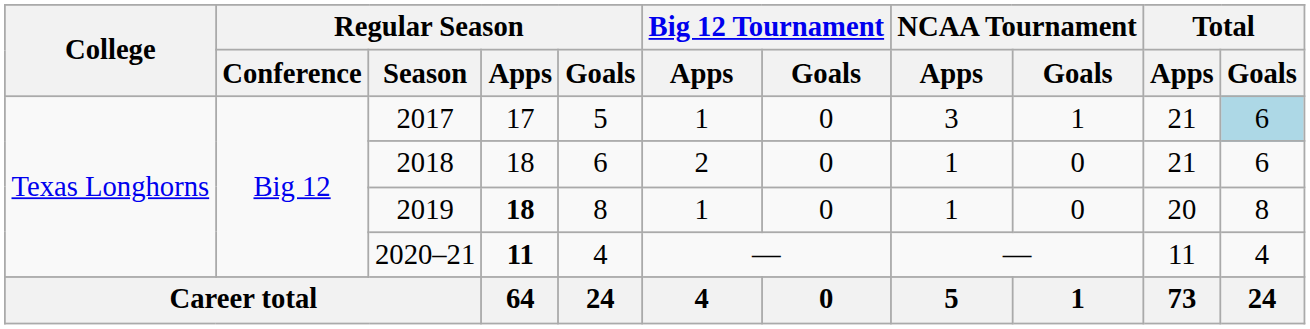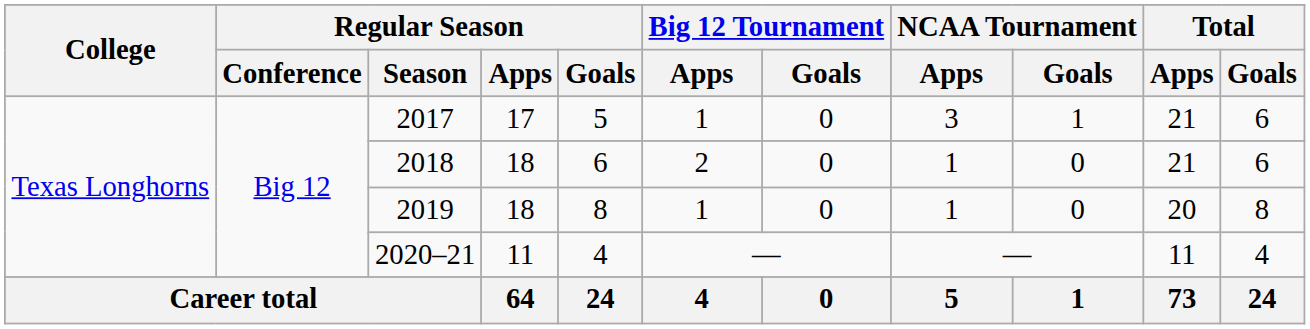 <table class="wikitable" style="text-align: center;">
 <tr>
 <th rowspan="2">College</th>
 <th colspan="4">Regular Season</th>
 <th colspan="2"><a href='#'>Big 12 Tournament</a></th>
 <th colspan="2">NCAA Tournament</th>
 <th colspan="2">Total</th>
 </tr>
 <tr>
 <th>Conference</th>
 <th>Season</th>
 <th>Apps</th>
 <th>Goals</th>
 <th>Apps</th>
 <th>Goals</th>
 <th>Apps</th>
 <th>Goals</th>
 <th>Apps</th>
 <th>Goals</th>
 </tr>
 <tr>
 <td rowspan="4"><a href='#'>Texas Longhorns</a></td>
 <td rowspan="4"><a href='#'>Big 12</a></td>
 <td>2017</td>
 <td>17</td>
 <td>5</td>
 <td>1</td>
 <td>0</td>
 <td>3</td>
 <td>1</td>
 <td>21</td>
-<td style="background: lightblue;">6</td>
+<td>6</td>
 </tr>
 <tr>
 <td>2018</td>
 <td>18</td>
 <td>6</td>
 <td>2</td>
 <td>0</td>
 <td>1</td>
 <td>0</td>
 <td>21</td>
 <td>6</td>
 </tr>
 <tr>
 <td>2019</td>
-<td><strong>18</strong></td>
+<td>18</td>
 <td>8</td>
 <td>1</td>
 <td>0</td>
 <td>1</td>
 <td>0</td>
 <td>20</td>
 <td>8</td>
 </tr>
 <tr>
 <td>2020–21</td>
-<td><strong>11</strong></td>
+<td>11</td>
 <td>4</td>
 <td colspan="2">—</td>
 <td colspan="2">—</td>
 <td>11</td>
 <td>4</td>
 </tr>
 <tr>
 <th colspan="3">Career total</th>
 <th>64</th>
 <th>24</th>
 <th>4</th>
 <th>0</th>
 <th>5</th>
 <th>1</th>
 <th>73</th>
 <th>24</th>
 </tr>
 </table>
